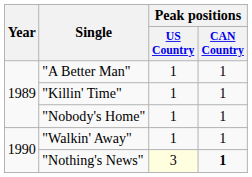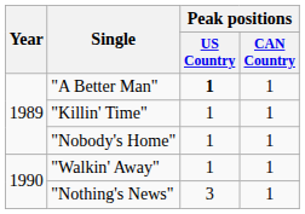 <table class="wikitable" style="text-align:center;">
 <tr>
 <th rowspan="2">Year</th>
 <th rowspan="2">Single</th>
 <th colspan="2">Peak positions</th>
 </tr>
 <tr style="font-size:smaller;">
 <th width="50"><a href='#'>US Country</a></th>
 <th width="50"><a href='#'>CAN Country</a></th>
 </tr>
 <tr>
 <td rowspan="3">1989</td>
 <td align="left">"A Better Man"</td>
-<td>1</td>
+<td><strong>1</strong></td>
 <td>1</td>
 </tr>
 <tr>
 <td align="left">"Killin' Time"</td>
 <td>1</td>
 <td>1</td>
 </tr>
 <tr>
 <td align="left">"Nobody's Home"</td>
 <td>1</td>
 <td>1</td>
 </tr>
 <tr>
 <td rowspan="2">1990</td>
 <td align="left">"Walkin' Away"</td>
 <td>1</td>
 <td>1</td>
 </tr>
 <tr>
 <td align="left">"Nothing's News"</td>
-<td style="background: lightyellow;">3</td>
-<td><strong>1</strong></td>
+<td>3</td>
+<td>1</td>
 </tr>
 </table>
